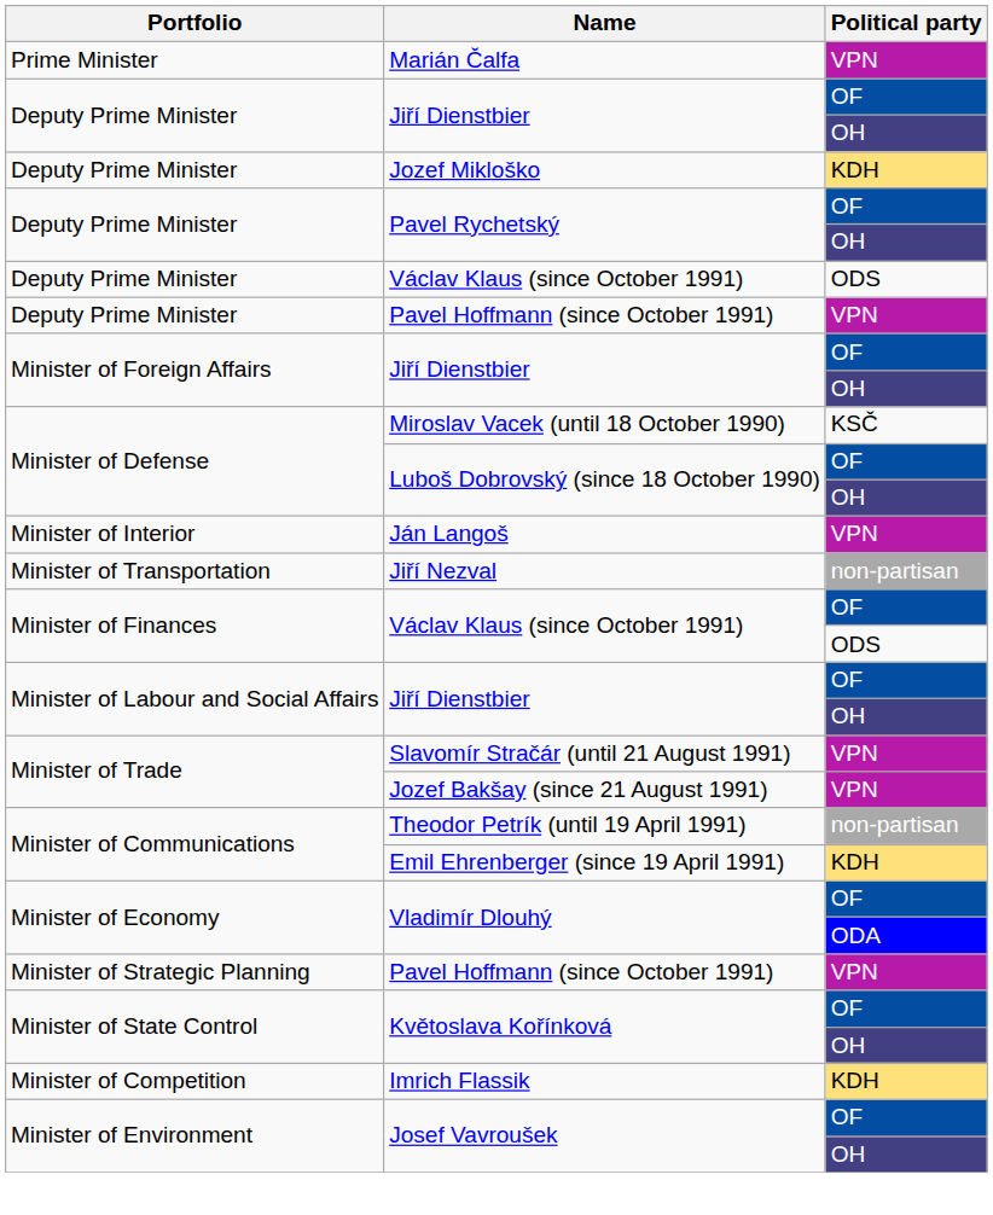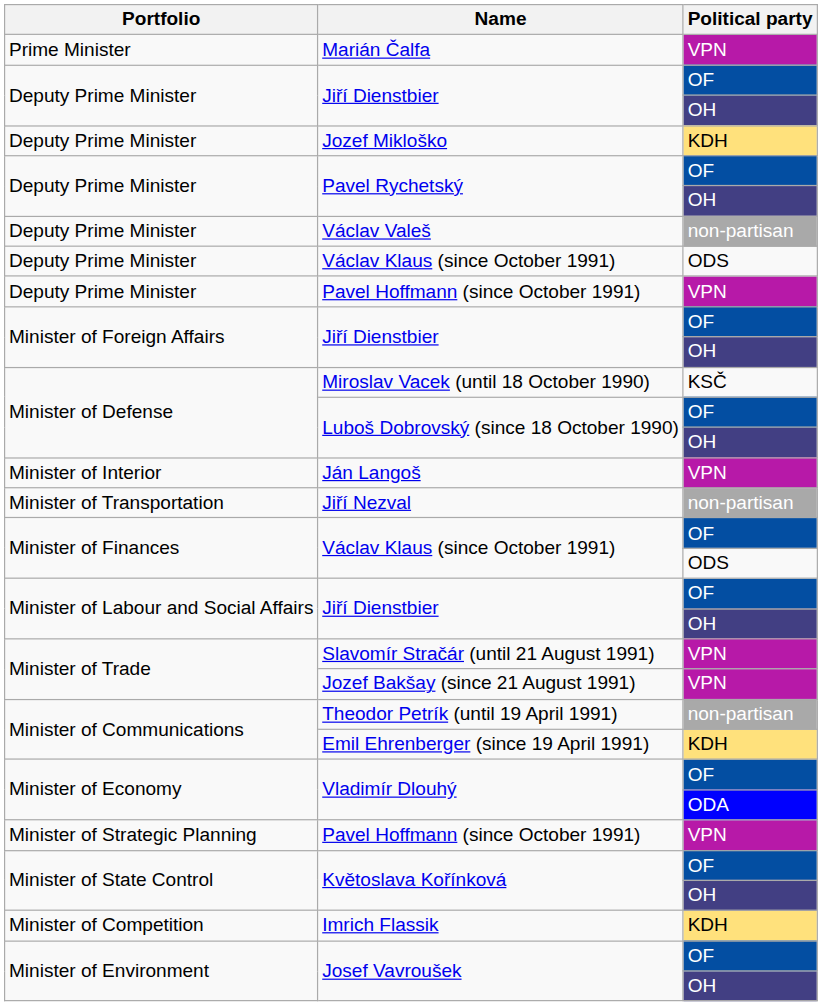 <table class="wikitable">
 <tr>
 <th>Portfolio</th>
 <th>Name</th>
 <th>Political party</th>
 </tr>
 <tr>
 <td>Prime Minister</td>
 <td><a href='#'>Marián Čalfa</a></td>
 <td style="background-color:#B719A8; color:white">VPN</td>
 </tr>
 <tr>
 <td rowspan=2>Deputy Prime Minister</td>
 <td rowspan=2><a href='#'>Jiří Dienstbier</a></td>
 <td style="background-color:#034EA2; color:white">OF</td>
 </tr>
 <tr>
 <td style="background-color:#423F83; color:white">OH</td>
 </tr>
 <tr>
 <td>Deputy Prime Minister</td>
 <td><a href='#'>Jozef Mikloško</a></td>
 <td style="background-color:#FFE17C">KDH</td>
 </tr>
 <tr>
 <td rowspan=2>Deputy Prime Minister</td>
 <td rowspan=2><a href='#'>Pavel Rychetský</a></td>
 <td style="background-color:#034EA2; color:white">OF</td>
 </tr>
 <tr>
 <td style="background-color:#423F83; color:white">OH</td>
+</tr>
+<tr>
+<td>Deputy Prime Minister</td>
+<td><a href='#'>Václav Valeš</a></td>
+<td style="background-color:#A9A9A9; color:white">non-partisan</td>
 </tr>
 <tr>
 <td>Deputy Prime Minister</td>
 <td><a href='#'>Václav Klaus</a> (since October 1991)</td>
 <td style="background-color:">ODS</td>
 </tr>
 <tr>
 <td>Deputy Prime Minister</td>
 <td><a href='#'>Pavel Hoffmann</a> (since October 1991)</td>
 <td style="background-color:#B719A8; color:white">VPN</td>
 </tr>
 <tr>
 <td rowspan=2>Minister of Foreign Affairs</td>
 <td rowspan=2><a href='#'>Jiří Dienstbier</a></td>
 <td style="background-color:#034EA2; color:white">OF</td>
 </tr>
 <tr>
 <td style="background-color:#423F83; color:white">OH</td>
 </tr>
 <tr>
 <td rowspan=3>Minister of Defense</td>
 <td><a href='#'>Miroslav Vacek</a> (until 18 October 1990)</td>
 <td style="background-color:">KSČ</td>
 </tr>
 <tr>
 <td rowspan=2><a href='#'>Luboš Dobrovský</a> (since 18 October 1990)</td>
 <td style="background-color:#034EA2; color:white">OF</td>
 </tr>
 <tr>
 <td style="background-color:#423F83; color:white">OH</td>
 </tr>
 <tr>
 <td>Minister of Interior</td>
 <td><a href='#'>Ján Langoš</a></td>
 <td style="background-color:#B719A8; color:white">VPN</td>
 </tr>
 <tr>
 <td>Minister of Transportation</td>
 <td><a href='#'>Jiří Nezval</a></td>
 <td style="background-color:#A9A9A9; color:white">non-partisan</td>
 </tr>
 <tr>
 <td rowspan=2>Minister of Finances</td>
 <td rowspan=2><a href='#'>Václav Klaus</a> (since October 1991)</td>
 <td style="background-color:#034EA2; color:white">OF</td>
 </tr>
 <tr>
 <td style="background-color:">ODS</td>
 </tr>
 <tr>
 <td rowspan=2>Minister of Labour and Social Affairs</td>
 <td rowspan=2><a href='#'>Jiří Dienstbier</a></td>
 <td style="background-color:#034EA2; color:white">OF</td>
 </tr>
 <tr>
 <td style="background-color:#423F83; color:white">OH</td>
 </tr>
 <tr>
 <td rowspan=2>Minister of Trade</td>
 <td><a href='#'>Slavomír Stračár</a> (until 21 August 1991)</td>
 <td style="background-color:#B719A8; color:white">VPN</td>
 </tr>
 <tr>
 <td><a href='#'>Jozef Bakšay</a> (since 21 August 1991)</td>
 <td style="background-color:#B719A8; color:white">VPN</td>
 </tr>
 <tr>
 <td rowspan=2>Minister of Communications</td>
 <td><a href='#'>Theodor Petrík</a> (until 19 April 1991)</td>
 <td style="background-color:#A9A9A9; color:white">non-partisan</td>
 </tr>
 <tr>
 <td><a href='#'>Emil Ehrenberger</a> (since 19 April 1991)</td>
 <td style="background-color:#FFE17C">KDH</td>
 </tr>
 <tr>
 <td rowspan=2>Minister of Economy</td>
 <td rowspan=2><a href='#'>Vladimír Dlouhý</a></td>
 <td style="background-color:#034EA2; color:white">OF</td>
 </tr>
 <tr>
 <td style="background-color:#0000FF; color:white">ODA</td>
 </tr>
 <tr>
 <td>Minister of Strategic Planning</td>
 <td><a href='#'>Pavel Hoffmann</a> (since October 1991)</td>
 <td style="background-color:#B719A8; color:white">VPN</td>
 </tr>
 <tr>
 <td rowspan=2>Minister of State Control</td>
 <td rowspan=2><a href='#'>Květoslava Kořínková</a></td>
 <td style="background-color:#034EA2; color:white">OF</td>
 </tr>
 <tr>
 <td style="background-color:#423F83; color:white">OH</td>
 </tr>
 <tr>
 <td>Minister of Competition</td>
 <td><a href='#'>Imrich Flassik</a></td>
 <td style="background-color:#FFE17C">KDH</td>
 </tr>
 <tr>
 <td rowspan=2>Minister of Environment</td>
 <td rowspan=2><a href='#'>Josef Vavroušek</a></td>
 <td style="background-color:#034EA2; color:white">OF</td>
 </tr>
 <tr>
 <td style="background-color:#423F83; color:white">OH</td>
 </tr>
 </table>
